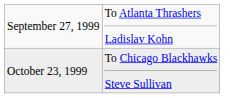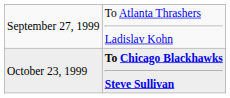 <table class="wikitable">
 <tr>
 <td>September 27, 1999</td>
 <td valign="top">To <a href='#'>Atlanta Thrashers</a><hr><a href='#'>Ladislav Kohn</a></td>
 </tr>
 <tr bgcolor="#eeeeee">
 <td>October 23, 1999</td>
-<td valign="top">To <a href='#'>Chicago Blackhawks</a><hr><a href='#'>Steve Sullivan</a></td>
+<td valign="top"><strong>To <a href='#'>Chicago Blackhawks</a><hr><a href='#'>Steve Sullivan</a></strong></td>
 </tr>
 </table>
